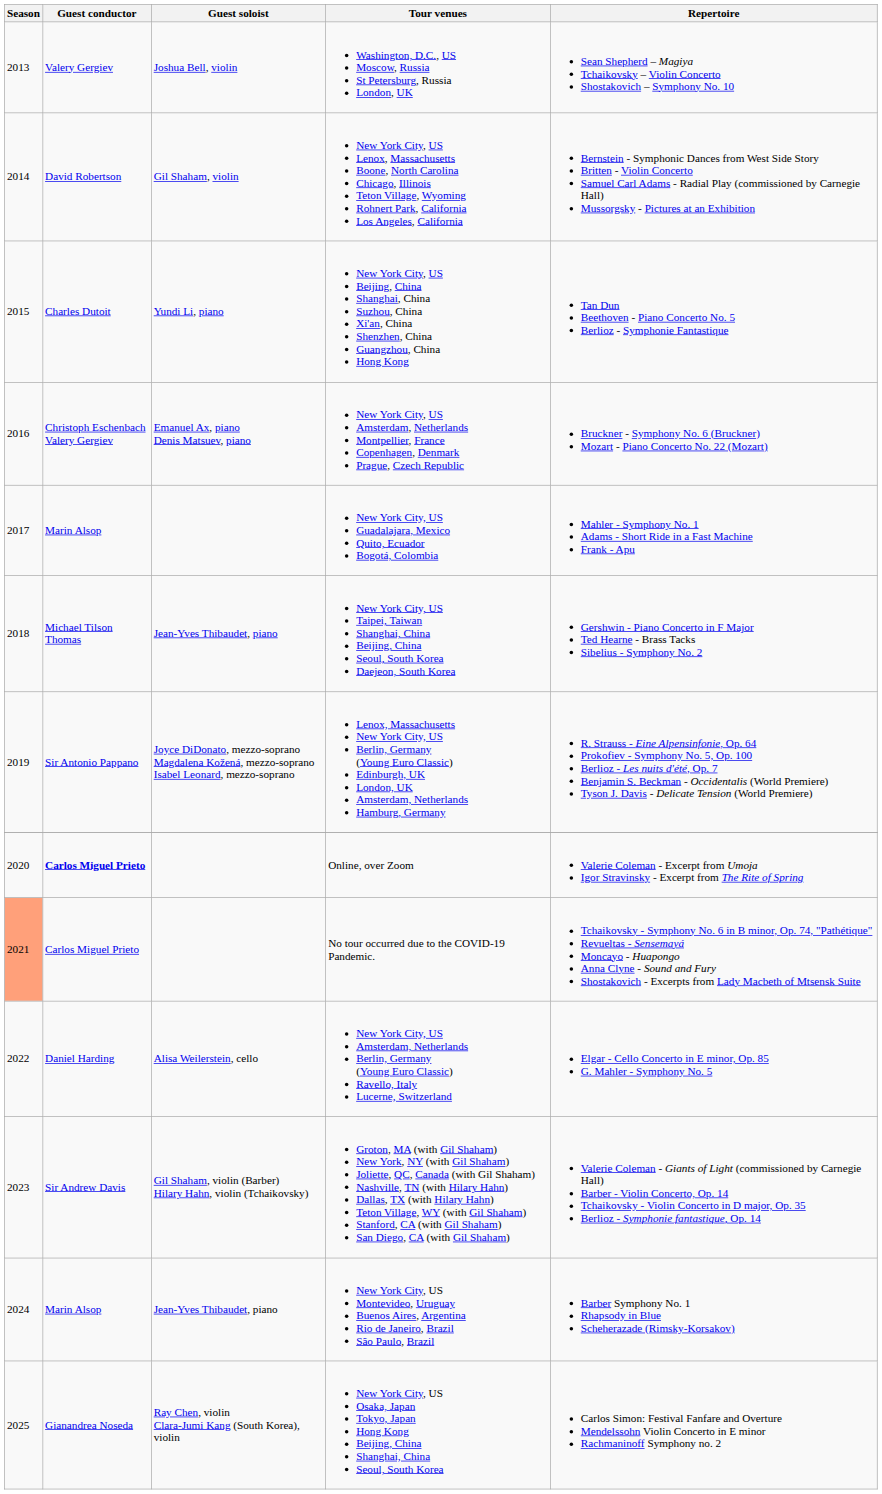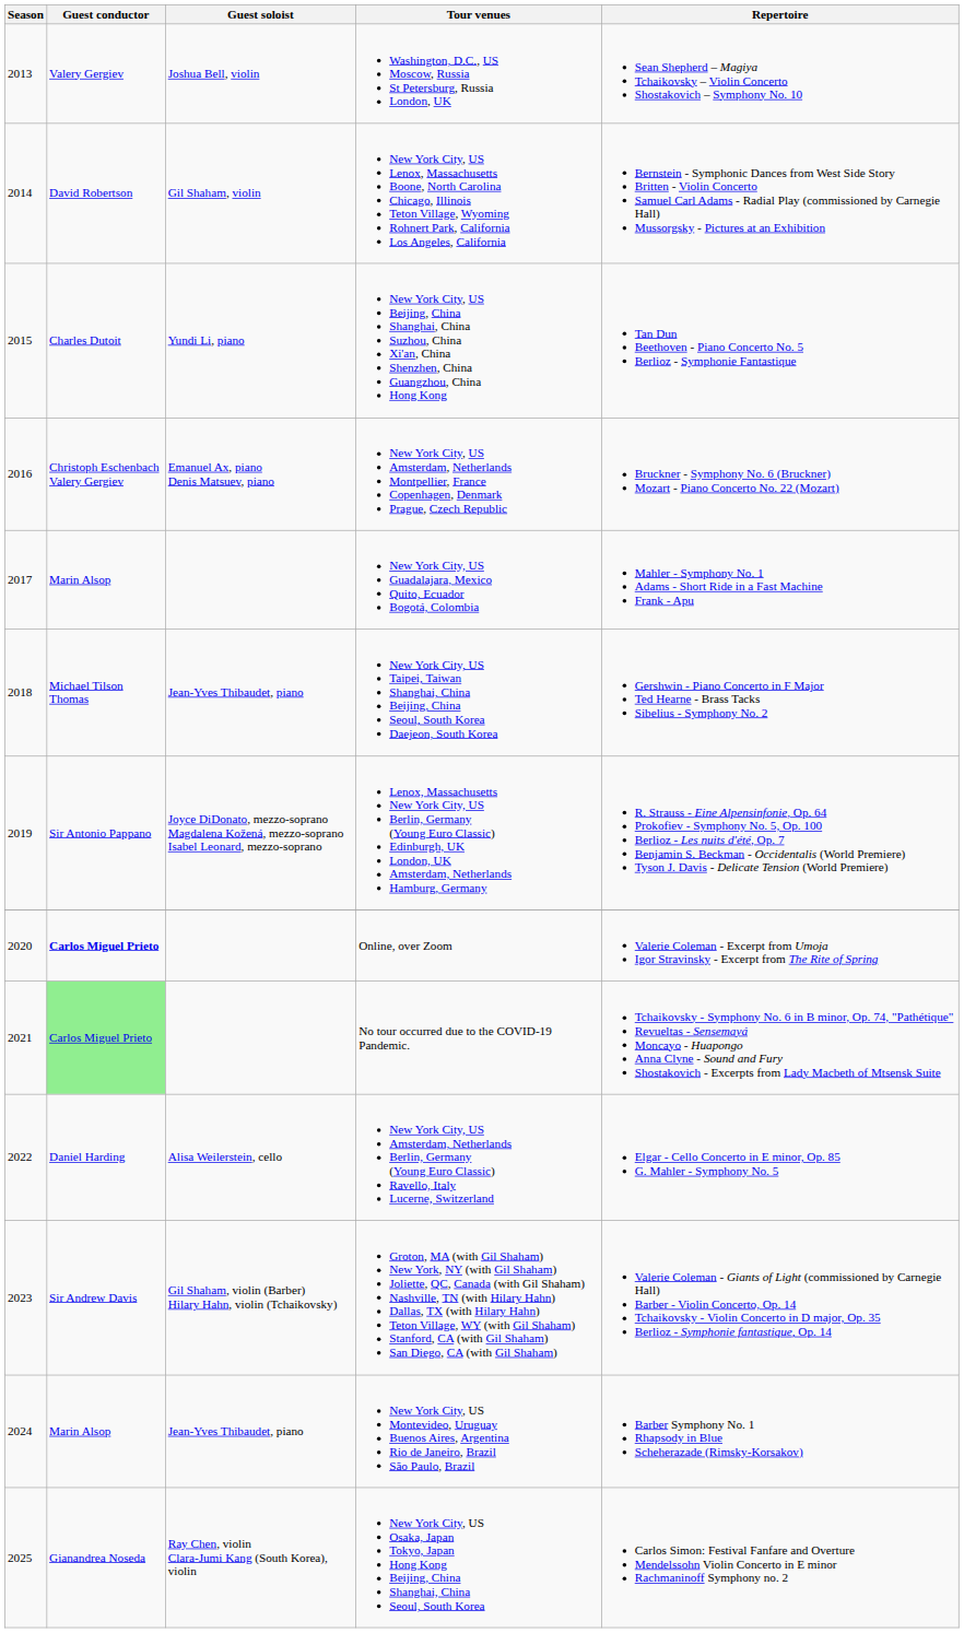 <table class="wikitable sortable">
 <tr>
 <th>Season</th>
 <th>Guest conductor</th>
 <th>Guest soloist</th>
 <th>Tour venues</th>
 <th>Repertoire</th>
 </tr>
 <tr>
 <td>2013</td>
 <td><a href='#'>Valery Gergiev</a></td>
 <td><a href='#'>Joshua Bell</a>, <a href='#'>violin</a></td>
 <td><br><ul><li><a href='#'>Washington, D.C.</a>, <a href='#'>US</a></li><li><a href='#'>Moscow</a>, <a href='#'>Russia</a></li><li><a href='#'>St Petersburg</a>, Russia</li><li><a href='#'>London</a>, <a href='#'>UK</a></li></ul></td>
 <td><br><ul><li><a href='#'>Sean Shepherd</a> – <em>Magiya</em></li><li><a href='#'>Tchaikovsky</a> – <a href='#'>Violin Concerto</a></li><li><a href='#'>Shostakovich</a> – <a href='#'>Symphony No. 10</a></li></ul></td>
 </tr>
 <tr>
 <td>2014</td>
 <td><a href='#'>David Robertson</a></td>
 <td><a href='#'>Gil Shaham</a>, <a href='#'>violin</a></td>
 <td><br><ul><li><a href='#'>New York City</a>, <a href='#'>US</a></li><li><a href='#'>Lenox</a>, <a href='#'>Massachusetts</a></li><li><a href='#'>Boone</a>, <a href='#'>North Carolina</a></li><li><a href='#'>Chicago</a>, <a href='#'>Illinois</a></li><li><a href='#'>Teton Village</a>, <a href='#'>Wyoming</a></li><li><a href='#'>Rohnert Park</a>, <a href='#'>California</a></li><li><a href='#'>Los Angeles</a>, <a href='#'>California</a></li></ul></td>
 <td><br><ul><li><a href='#'>Bernstein</a> - Symphonic Dances from West Side Story</li><li><a href='#'>Britten</a> - <a href='#'>Violin Concerto</a></li><li><a href='#'>Samuel Carl Adams</a> - Radial Play (commissioned by Carnegie Hall)</li><li><a href='#'>Mussorgsky</a> - <a href='#'>Pictures at an Exhibition</a></li></ul></td>
 </tr>
 <tr>
 <td>2015</td>
 <td><a href='#'>Charles Dutoit</a></td>
 <td><a href='#'>Yundi Li</a>, <a href='#'>piano</a></td>
 <td><br><ul><li><a href='#'>New York City</a>, <a href='#'>US</a></li><li><a href='#'>Beijing</a>, <a href='#'>China</a></li><li><a href='#'>Shanghai</a>, China</li><li><a href='#'>Suzhou</a>, China</li><li><a href='#'>Xi'an</a>, China</li><li><a href='#'>Shenzhen</a>, China</li><li><a href='#'>Guangzhou</a>, China</li><li><a href='#'>Hong Kong</a></li></ul></td>
 <td><br><ul><li><a href='#'>Tan Dun</a></li><li><a href='#'>Beethoven</a> - <a href='#'>Piano Concerto No. 5</a></li><li><a href='#'>Berlioz</a> - <a href='#'>Symphonie Fantastique</a></li></ul></td>
 </tr>
 <tr>
 <td>2016</td>
 <td><a href='#'>Christoph Eschenbach</a> <br> <a href='#'>Valery Gergiev</a></td>
 <td><a href='#'>Emanuel Ax</a>, <a href='#'>piano</a> <br> <a href='#'>Denis Matsuev</a>, <a href='#'>piano</a> <br></td>
 <td><br><ul><li><a href='#'>New York City</a>, <a href='#'>US</a></li><li><a href='#'>Amsterdam</a>, <a href='#'>Netherlands</a></li><li><a href='#'>Montpellier</a>, <a href='#'>France</a></li><li><a href='#'>Copenhagen</a>, <a href='#'>Denmark</a></li><li><a href='#'>Prague</a>, <a href='#'>Czech Republic</a></li></ul></td>
 <td><br><ul><li><a href='#'>Bruckner</a> - <a href='#'>Symphony No. 6 (Bruckner)</a></li><li><a href='#'>Mozart</a> - <a href='#'>Piano Concerto No. 22 (Mozart)</a></li></ul></td>
 </tr>
 <tr>
 <td>2017</td>
 <td><a href='#'>Marin Alsop</a></td>
 <td></td>
 <td><br><ul><li><a href='#'>New York City, US</a></li><li><a href='#'>Guadalajara, Mexico</a></li><li><a href='#'>Quito, Ecuador</a></li><li><a href='#'>Bogotá, Colombia</a></li></ul></td>
 <td><br><ul><li><a href='#'>Mahler - Symphony No. 1</a></li><li><a href='#'>Adams - Short Ride in a Fast Machine</a></li><li><a href='#'>Frank - Apu</a></li></ul></td>
 </tr>
 <tr>
 <td>2018</td>
 <td><a href='#'>Michael Tilson Thomas</a></td>
 <td><a href='#'>Jean-Yves Thibaudet</a>, <a href='#'>piano</a></td>
 <td><br><ul><li><a href='#'>New York City, US</a></li><li><a href='#'>Taipei, Taiwan</a></li><li><a href='#'>Shanghai, China</a></li><li><a href='#'>Beijing, China</a></li><li><a href='#'>Seoul, South Korea</a></li><li><a href='#'>Daejeon, South Korea</a></li></ul></td>
 <td><br><ul><li><a href='#'>Gershwin - Piano Concerto in F Major</a></li><li><a href='#'>Ted Hearne</a> - Brass Tacks</li><li><a href='#'>Sibelius - Symphony No. 2</a></li></ul></td>
 </tr>
 <tr>
 <td>2019</td>
 <td><a href='#'>Sir Antonio Pappano</a></td>
 <td><a href='#'>Joyce DiDonato</a>, mezzo-soprano<br><a href='#'>Magdalena Kožená</a>, mezzo-soprano<br><a href='#'>Isabel Leonard</a>, mezzo-soprano</td>
 <td><br><ul><li><a href='#'>Lenox, Massachusetts</a></li><li><a href='#'>New York City, US</a></li><li><a href='#'>Berlin, Germany</a><br>(<a href='#'>Young Euro Classic</a>)</li><li><a href='#'>Edinburgh, UK</a></li><li><a href='#'>London, UK</a></li><li><a href='#'>Amsterdam, Netherlands</a></li><li><a href='#'>Hamburg, Germany</a></li></ul></td>
 <td><br><ul><li><a href='#'>R. Strauss - <em>Eine Alpensinfonie</em>, Op. 64</a></li><li><a href='#'>Prokofiev - Symphony No. 5, Op. 100</a></li><li><a href='#'>Berlioz - <em>Les nuits d'été</em>, Op. 7</a></li><li><a href='#'>Benjamin S. Beckman</a> - <em>Occidentalis</em> (World Premiere)</li><li><a href='#'>Tyson J. Davis</a> - <em>Delicate Tension</em> (World Premiere)</li></ul></td>
 </tr>
 <tr>
 </tr>
 <tr>
 <td>2020</td>
 <td><strong><a href='#'>Carlos Miguel Prieto</a></strong></td>
 <td></td>
 <td>Online, over Zoom</td>
 <td><br><ul><li><a href='#'>Valerie Coleman</a> - Excerpt from <em>Umoja</em></li><li><a href='#'>Igor Stravinsky</a> - Excerpt from <em><a href='#'>The Rite of Spring</a></em></li></ul></td>
 </tr>
 <tr>
-<td style="background: lightsalmon;">2021</td>
-<td><a href='#'>Carlos Miguel Prieto</a></td>
+<td>2021</td>
+<td style="background: lightgreen;"><a href='#'>Carlos Miguel Prieto</a></td>
 <td></td>
 <td>No tour occurred due to the COVID-19 Pandemic.</td>
 <td><br><ul><li><a href='#'>Tchaikovsky - Symphony No. 6 in B minor, Op. 74, "Pathétique"</a></li><li><a href='#'>Revueltas - <em>Sensemayá</em></a></li><li><a href='#'>Moncayo</a> - <em>Huapongo</em></li><li><a href='#'>Anna Clyne</a> - <em>Sound and Fury</em></li><li><a href='#'>Shostakovich</a> - Excerpts from <a href='#'>Lady Macbeth of Mtsensk Suite</a></li></ul></td>
 </tr>
 <tr>
 <td>2022</td>
 <td><a href='#'>Daniel Harding</a></td>
 <td><a href='#'>Alisa Weilerstein</a>, cello</td>
 <td><br><ul><li><a href='#'>New York City, US</a></li><li><a href='#'>Amsterdam, Netherlands</a></li><li><a href='#'>Berlin, Germany</a><br>(<a href='#'>Young Euro Classic</a>)</li><li><a href='#'>Ravello, Italy</a></li><li><a href='#'>Lucerne, Switzerland</a></li></ul></td>
 <td><br><ul><li><a href='#'>Elgar - Cello Concerto in E minor, Op. 85</a></li><li><a href='#'>G. Mahler - Symphony No. 5</a></li></ul></td>
 </tr>
 <tr>
 <td>2023</td>
 <td><a href='#'>Sir Andrew Davis</a></td>
 <td><a href='#'>Gil Shaham</a>, violin (Barber)<br><a href='#'>Hilary Hahn</a>, violin (Tchaikovsky)</td>
 <td><br><ul><li><a href='#'>Groton</a>, <a href='#'>MA</a> (with <a href='#'>Gil Shaham</a>)</li><li><a href='#'>New York</a>, <a href='#'>NY</a> (with <a href='#'>Gil Shaham</a>)</li><li><a href='#'>Joliette</a>, <a href='#'>QC</a>, <a href='#'>Canada</a> (with Gil Shaham)</li><li><a href='#'>Nashville</a>, <a href='#'>TN</a> (with <a href='#'>Hilary Hahn</a>)</li><li><a href='#'>Dallas</a>, <a href='#'>TX</a> (with <a href='#'>Hilary Hahn</a>)</li><li><a href='#'>Teton Village</a>, <a href='#'>WY</a> (with <a href='#'>Gil Shaham</a>)</li><li><a href='#'>Stanford</a>, <a href='#'>CA</a> (with <a href='#'>Gil Shaham</a>)</li><li><a href='#'>San Diego</a>, <a href='#'>CA</a> (with <a href='#'>Gil Shaham</a>)</li></ul></td>
 <td><br><ul><li><a href='#'>Valerie Coleman</a> - <em>Giants of Light</em> (commissioned by Carnegie Hall)</li><li><a href='#'>Barber - Violin Concerto, Op. 14</a></li><li><a href='#'>Tchaikovsky - Violin Concerto in D major, Op. 35</a></li><li><a href='#'>Berlioz - <em>Symphonie fantastique</em>, Op. 14</a></li></ul></td>
 </tr>
 <tr>
 <td>2024</td>
 <td><a href='#'>Marin Alsop</a></td>
 <td><a href='#'>Jean-Yves Thibaudet</a>, piano</td>
 <td><br><ul><li><a href='#'>New York City</a>, US</li><li><a href='#'>Montevideo</a>, <a href='#'>Uruguay</a></li><li><a href='#'>Buenos Aires</a>, <a href='#'>Argentina</a></li><li><a href='#'>Rio de Janeiro</a>, <a href='#'>Brazil</a></li><li><a href='#'>São Paulo</a>, <a href='#'>Brazil</a></li></ul></td>
 <td><br><ul><li><a href='#'>Barber</a> Symphony No. 1</li><li><a href='#'>Rhapsody in Blue</a></li><li><a href='#'>Scheherazade (Rimsky-Korsakov)</a></li></ul></td>
 </tr>
 <tr>
 <td>2025</td>
 <td><a href='#'>Gianandrea Noseda</a></td>
 <td><a href='#'>Ray Chen</a>, violin<br><a href='#'>Clara-Jumi Kang</a> (South Korea), violin</td>
 <td><br><ul><li><a href='#'>New York City</a>, US</li><li><a href='#'>Osaka, Japan</a></li><li><a href='#'>Tokyo, Japan</a></li><li><a href='#'>Hong Kong</a></li><li><a href='#'>Beijing, China</a></li><li><a href='#'>Shanghai, China</a></li><li><a href='#'>Seoul, South Korea</a></li></ul></td>
 <td><br><ul><li>Carlos Simon: Festival Fanfare and Overture</li><li><a href='#'>Mendelssohn</a> Violin Concerto in E minor</li><li><a href='#'>Rachmaninoff</a> Symphony no. 2</li></ul></td>
 </tr>
 </table>
